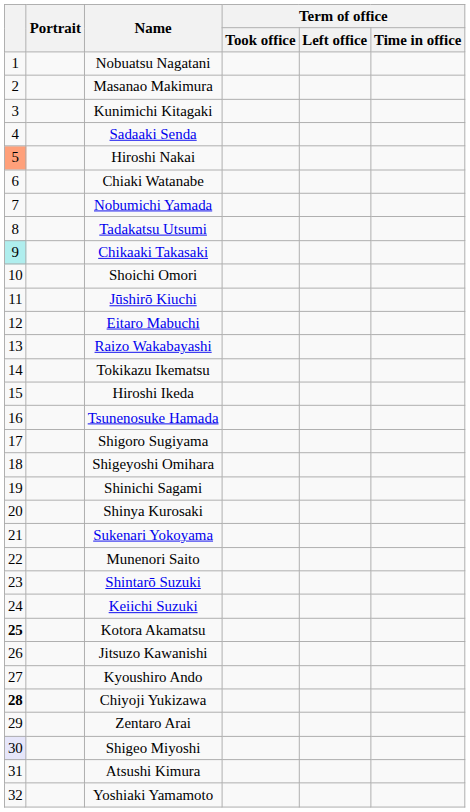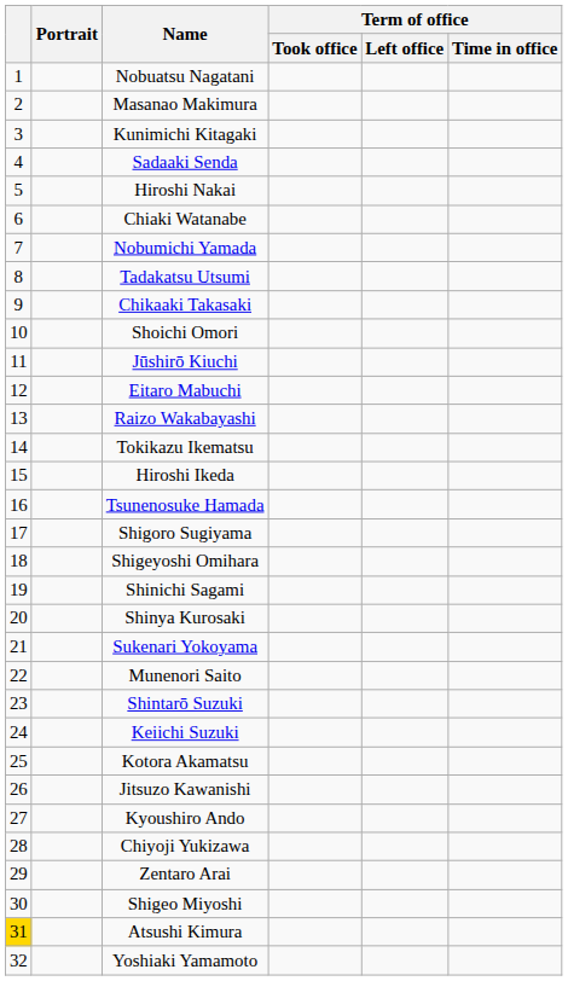 <table class="wikitable" style="text-align:center;">
 <tr>
 <th rowspan="2"></th>
 <th rowspan="2">Portrait</th>
 <th rowspan="2">Name</th>
 <th colspan="3">Term of office</th>
 </tr>
 <tr>
 <th>Took office</th>
 <th>Left office</th>
 <th>Time in office</th>
 </tr>
 <tr>
 <td>1</td>
 <td></td>
 <td>Nobuatsu Nagatani</td>
 <td></td>
 <td></td>
 <td></td>
 </tr>
 <tr>
 <td>2</td>
 <td></td>
 <td>Masanao Makimura</td>
 <td></td>
 <td></td>
 <td></td>
 </tr>
 <tr>
 <td>3</td>
 <td></td>
 <td>Kunimichi Kitagaki</td>
 <td></td>
 <td></td>
 <td></td>
 </tr>
 <tr>
 <td>4</td>
 <td></td>
 <td><a href='#'>Sadaaki Senda</a></td>
 <td></td>
 <td></td>
 <td></td>
 </tr>
 <tr>
-<td style="background: lightsalmon;">5</td>
+<td>5</td>
 <td></td>
 <td>Hiroshi Nakai</td>
 <td></td>
 <td></td>
 <td></td>
 </tr>
 <tr>
 <td>6</td>
 <td></td>
 <td>Chiaki Watanabe</td>
 <td></td>
 <td></td>
 <td></td>
 </tr>
 <tr>
 <td>7</td>
 <td></td>
 <td><a href='#'>Nobumichi Yamada</a></td>
 <td></td>
 <td></td>
 <td></td>
 </tr>
 <tr>
 <td>8</td>
 <td></td>
 <td><a href='#'>Tadakatsu Utsumi</a></td>
 <td></td>
 <td></td>
 <td></td>
 </tr>
 <tr>
-<td style="background: paleturquoise;">9</td>
+<td>9</td>
 <td></td>
 <td><a href='#'>Chikaaki Takasaki</a></td>
 <td></td>
 <td></td>
 <td></td>
 </tr>
 <tr>
 <td>10</td>
 <td></td>
 <td>Shoichi Omori</td>
 <td></td>
 <td></td>
 <td></td>
 </tr>
 <tr>
 <td>11</td>
 <td></td>
 <td><a href='#'>Jūshirō Kiuchi</a></td>
 <td></td>
 <td></td>
 <td></td>
 </tr>
 <tr>
 <td>12</td>
 <td></td>
 <td><a href='#'>Eitaro Mabuchi</a></td>
 <td></td>
 <td></td>
 <td></td>
 </tr>
 <tr>
 <td>13</td>
 <td></td>
 <td><a href='#'>Raizo Wakabayashi</a></td>
 <td></td>
 <td></td>
 <td></td>
 </tr>
 <tr>
 <td>14</td>
 <td></td>
 <td>Tokikazu Ikematsu</td>
 <td></td>
 <td></td>
 <td></td>
 </tr>
 <tr>
 <td>15</td>
 <td></td>
 <td>Hiroshi Ikeda</td>
 <td></td>
 <td></td>
 <td></td>
 </tr>
 <tr>
 <td>16</td>
 <td></td>
 <td><a href='#'>Tsunenosuke Hamada</a></td>
 <td></td>
 <td></td>
 <td></td>
 </tr>
 <tr>
 <td>17</td>
 <td></td>
 <td>Shigoro Sugiyama</td>
 <td></td>
 <td></td>
 <td></td>
 </tr>
 <tr>
 <td>18</td>
 <td></td>
 <td>Shigeyoshi Omihara</td>
 <td></td>
 <td></td>
 <td></td>
 </tr>
 <tr>
 <td>19</td>
 <td></td>
 <td>Shinichi Sagami</td>
 <td></td>
 <td></td>
 <td></td>
 </tr>
 <tr>
 <td>20</td>
 <td></td>
 <td>Shinya Kurosaki</td>
 <td></td>
 <td></td>
 <td></td>
 </tr>
 <tr>
 <td>21</td>
 <td></td>
 <td><a href='#'>Sukenari Yokoyama</a></td>
 <td></td>
 <td></td>
 <td></td>
 </tr>
 <tr>
 <td>22</td>
 <td></td>
 <td>Munenori Saito</td>
 <td></td>
 <td></td>
 <td></td>
 </tr>
 <tr>
 <td>23</td>
 <td></td>
 <td><a href='#'>Shintarō Suzuki</a></td>
 <td></td>
 <td></td>
 <td></td>
 </tr>
 <tr>
 <td>24</td>
 <td></td>
 <td><a href='#'>Keiichi Suzuki</a></td>
 <td></td>
 <td></td>
 <td></td>
 </tr>
 <tr>
-<td><strong>25</strong></td>
+<td>25</td>
 <td></td>
 <td>Kotora Akamatsu</td>
 <td></td>
 <td></td>
 <td></td>
 </tr>
 <tr>
 <td>26</td>
 <td></td>
 <td>Jitsuzo Kawanishi</td>
 <td></td>
 <td></td>
 <td></td>
 </tr>
 <tr>
 <td>27</td>
 <td></td>
 <td>Kyoushiro Ando</td>
 <td></td>
 <td></td>
 <td></td>
 </tr>
 <tr>
-<td><strong>28</strong></td>
+<td>28</td>
 <td></td>
 <td>Chiyoji Yukizawa</td>
 <td></td>
 <td></td>
 <td></td>
 </tr>
 <tr>
 <td>29</td>
 <td></td>
 <td>Zentaro Arai</td>
 <td></td>
 <td></td>
 <td></td>
 </tr>
 <tr>
-<td style="background: lavender;">30</td>
+<td>30</td>
 <td></td>
 <td>Shigeo Miyoshi</td>
 <td></td>
 <td></td>
 <td></td>
 </tr>
 <tr>
-<td>31</td>
+<td style="background: gold;">31</td>
 <td></td>
 <td>Atsushi Kimura</td>
 <td></td>
 <td></td>
 <td></td>
 </tr>
 <tr>
 <td>32</td>
 <td></td>
 <td>Yoshiaki Yamamoto</td>
 <td></td>
 <td></td>
 <td></td>
 </tr>
 </table>
